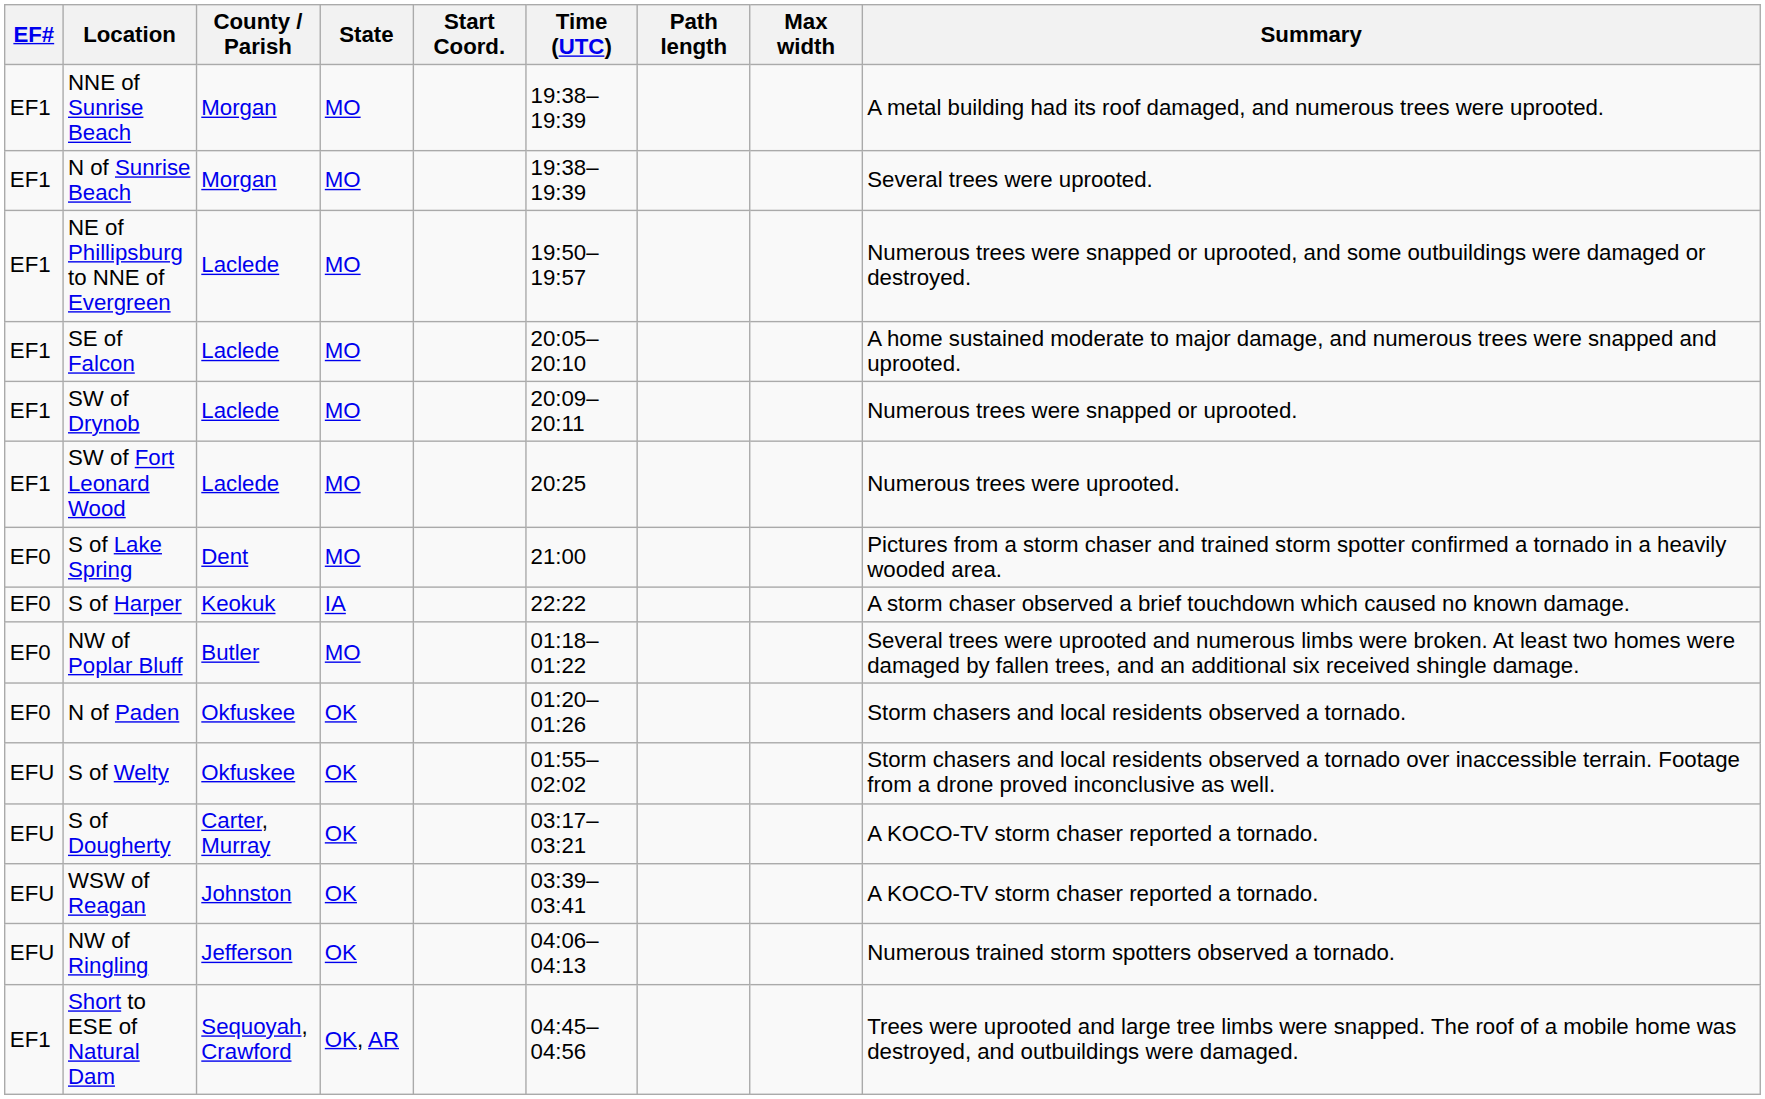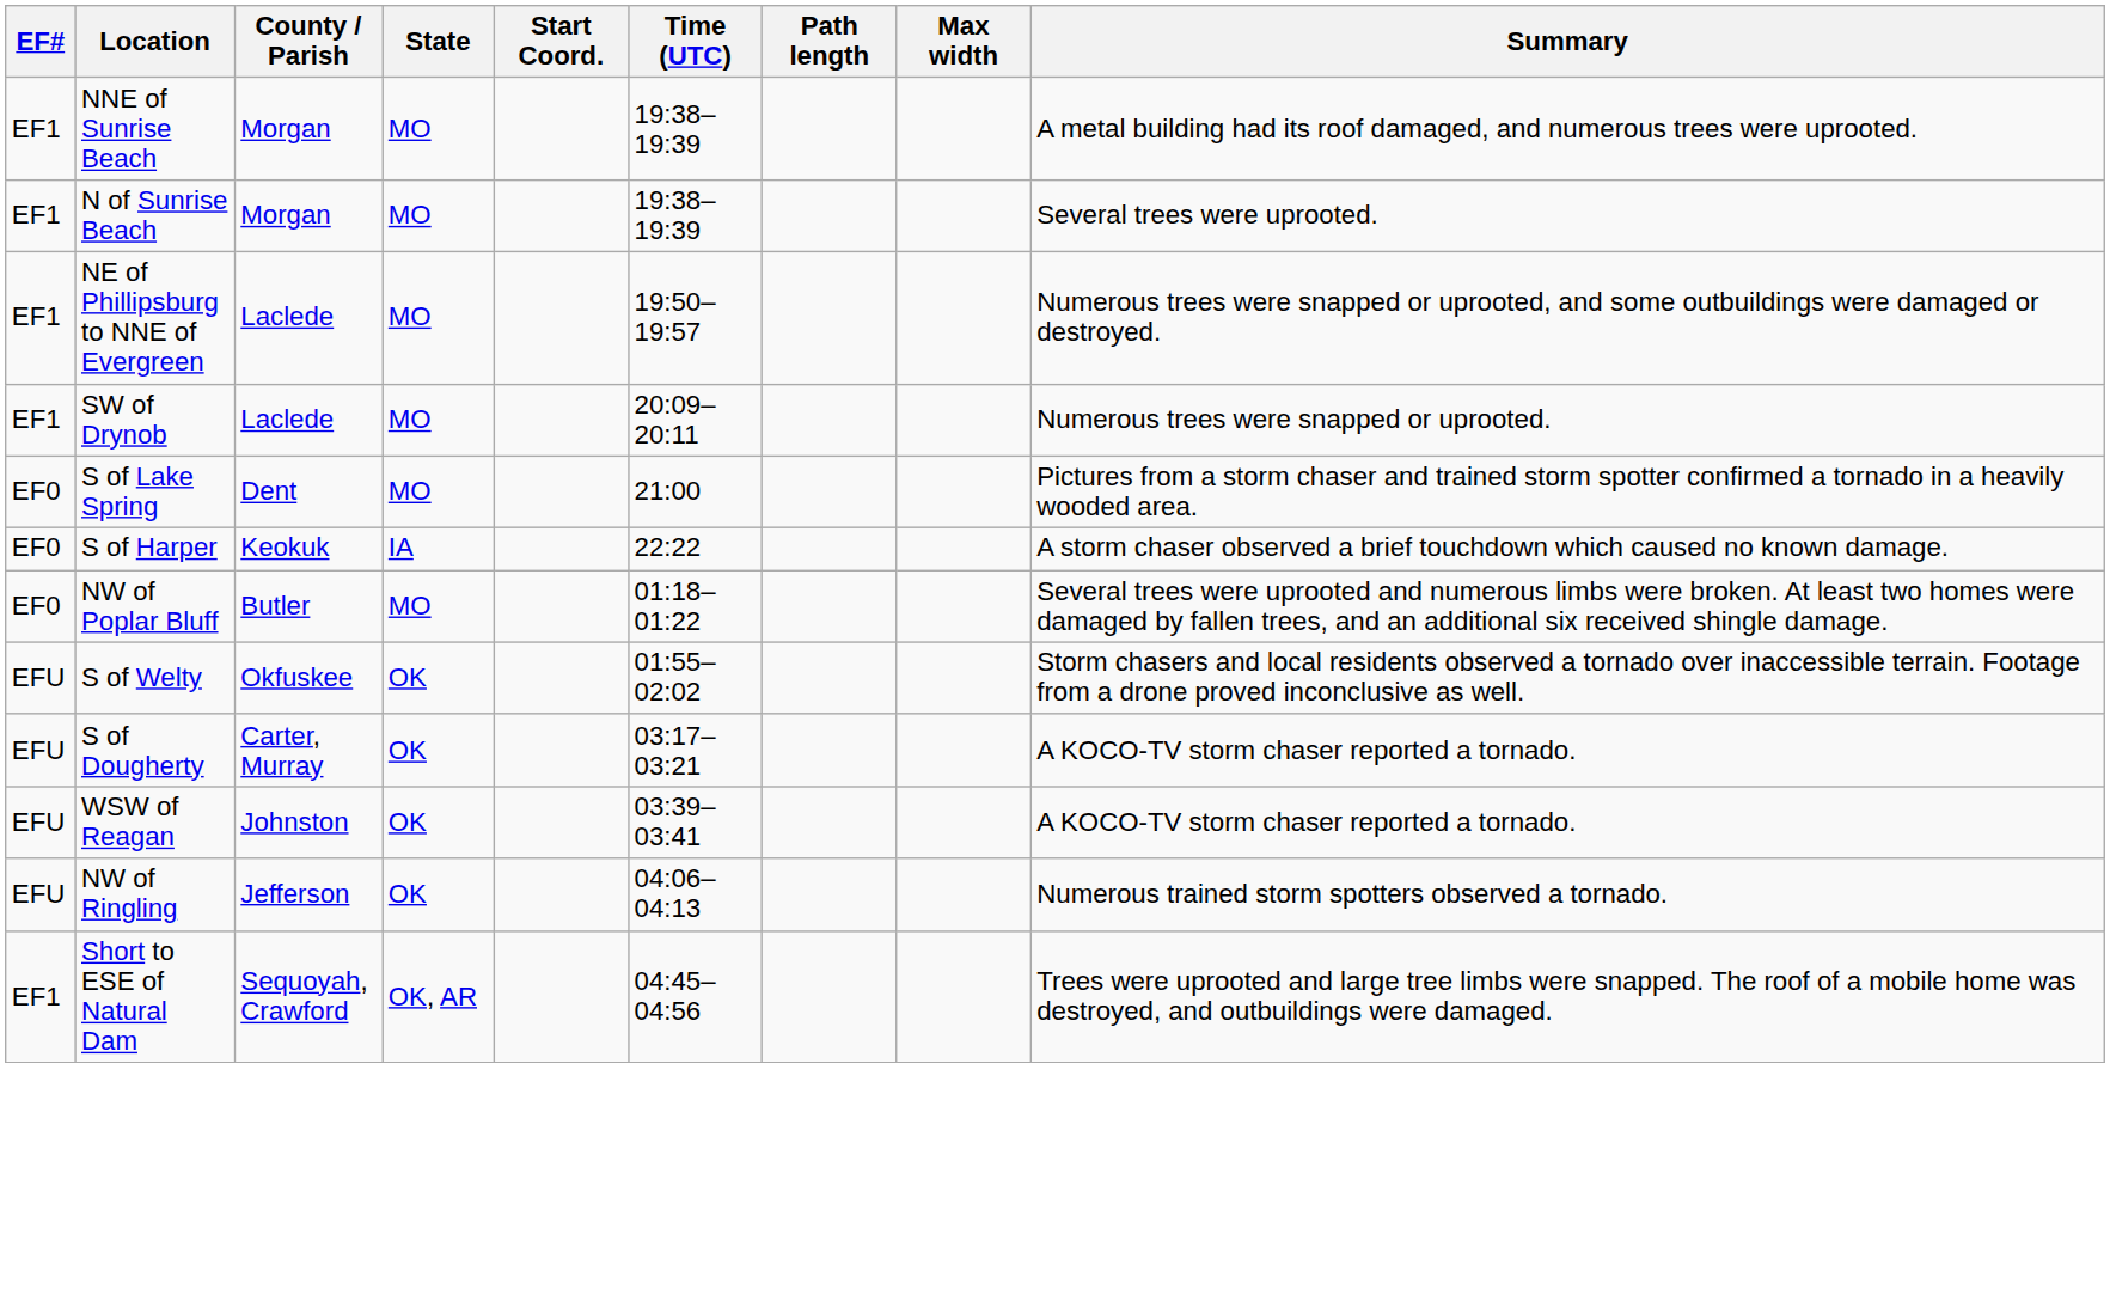 <table class="wikitable sortable" style="width:100%;">
 <tr>
 <th scope="col"  style="width:3%; text-align:center;"><a href='#'>EF#</a></th>
 <th scope="col"  style="width:7%; text-align:center;" class="unsortable">Location</th>
 <th scope="col"  style="width:6%; text-align:center;" class="unsortable">County / Parish</th>
 <th scope="col"  style="width:5%; text-align:center;">State</th>
 <th scope="col"  style="width:6%; text-align:center;">Start Coord.</th>
 <th scope="col"  style="width:6%; text-align:center;">Time (<a href='#'>UTC</a>)</th>
 <th scope="col"  style="width:6%; text-align:center;">Path length</th>
 <th scope="col"  style="width:6%; text-align:center;">Max width</th>
 <th scope="col" class="unsortable" style="width:48%; text-align:center;">Summary</th>
 </tr>
 <tr>
 <td>EF1</td>
 <td>NNE of <a href='#'>Sunrise Beach</a></td>
 <td><a href='#'>Morgan</a></td>
 <td><a href='#'>MO</a></td>
 <td></td>
 <td>19:38–19:39</td>
 <td></td>
 <td></td>
 <td>A metal building had its roof damaged, and numerous trees were uprooted.</td>
 </tr>
 <tr>
 <td>EF1</td>
 <td>N of <a href='#'>Sunrise Beach</a></td>
 <td><a href='#'>Morgan</a></td>
 <td><a href='#'>MO</a></td>
 <td></td>
 <td>19:38–19:39</td>
 <td></td>
 <td></td>
 <td>Several trees were uprooted.</td>
 </tr>
 <tr>
 <td>EF1</td>
 <td>NE of <a href='#'>Phillipsburg</a> to NNE of <a href='#'>Evergreen</a></td>
 <td><a href='#'>Laclede</a></td>
 <td><a href='#'>MO</a></td>
 <td></td>
 <td>19:50–19:57</td>
 <td></td>
 <td></td>
 <td>Numerous trees were snapped or uprooted, and some outbuildings were damaged or destroyed.</td>
 </tr>
 <tr>
 <td>EF1</td>
-<td>SE of <a href='#'>Falcon</a></td>
-<td><a href='#'>Laclede</a></td>
-<td><a href='#'>MO</a></td>
-<td></td>
-<td>20:05–20:10</td>
-<td></td>
-<td></td>
-<td>A home sustained moderate to major damage, and numerous trees were snapped and uprooted.</td>
-</tr>
-<tr>
-<td>EF1</td>
 <td>SW of <a href='#'>Drynob</a></td>
 <td><a href='#'>Laclede</a></td>
 <td><a href='#'>MO</a></td>
 <td></td>
 <td>20:09–20:11</td>
 <td></td>
 <td></td>
 <td>Numerous trees were snapped or uprooted.</td>
-</tr>
-<tr>
-<td>EF1</td>
-<td>SW of <a href='#'>Fort Leonard Wood</a></td>
-<td><a href='#'>Laclede</a></td>
-<td><a href='#'>MO</a></td>
-<td></td>
-<td>20:25</td>
-<td></td>
-<td></td>
-<td>Numerous trees were uprooted.</td>
 </tr>
 <tr>
 <td>EF0</td>
 <td>S of <a href='#'>Lake Spring</a></td>
 <td><a href='#'>Dent</a></td>
 <td><a href='#'>MO</a></td>
 <td></td>
 <td>21:00</td>
 <td></td>
 <td></td>
 <td>Pictures from a storm chaser and trained storm spotter confirmed a tornado in a heavily wooded area.</td>
 </tr>
 <tr>
 <td>EF0</td>
 <td>S of <a href='#'>Harper</a></td>
 <td><a href='#'>Keokuk</a></td>
 <td><a href='#'>IA</a></td>
 <td></td>
 <td>22:22</td>
 <td></td>
 <td></td>
 <td>A storm chaser observed a brief touchdown which caused no known damage.</td>
 </tr>
 <tr>
 <td>EF0</td>
 <td>NW of <a href='#'>Poplar Bluff</a></td>
 <td><a href='#'>Butler</a></td>
 <td><a href='#'>MO</a></td>
 <td></td>
 <td>01:18–01:22</td>
 <td></td>
 <td></td>
 <td>Several trees were uprooted and numerous limbs were broken. At least two homes were damaged by fallen trees, and an additional six received shingle damage.</td>
-</tr>
-<tr>
-<td>EF0</td>
-<td>N of <a href='#'>Paden</a></td>
-<td><a href='#'>Okfuskee</a></td>
-<td><a href='#'>OK</a></td>
-<td></td>
-<td>01:20–01:26</td>
-<td></td>
-<td></td>
-<td>Storm chasers and local residents observed a tornado.</td>
 </tr>
 <tr>
 <td>EFU</td>
 <td>S of <a href='#'>Welty</a></td>
 <td><a href='#'>Okfuskee</a></td>
 <td><a href='#'>OK</a></td>
 <td></td>
 <td>01:55–02:02</td>
 <td></td>
 <td></td>
 <td>Storm chasers and local residents observed a tornado over inaccessible terrain. Footage from a drone proved inconclusive as well.</td>
 </tr>
 <tr>
 <td>EFU</td>
 <td>S of <a href='#'>Dougherty</a></td>
 <td><a href='#'>Carter</a>, <a href='#'>Murray</a></td>
 <td><a href='#'>OK</a></td>
 <td></td>
 <td>03:17–03:21</td>
 <td></td>
 <td></td>
 <td>A KOCO-TV storm chaser reported a tornado.</td>
 </tr>
 <tr>
 <td>EFU</td>
 <td>WSW of <a href='#'>Reagan</a></td>
 <td><a href='#'>Johnston</a></td>
 <td><a href='#'>OK</a></td>
 <td></td>
 <td>03:39–03:41</td>
 <td></td>
 <td></td>
 <td>A KOCO-TV storm chaser reported a tornado.</td>
 </tr>
 <tr>
 <td>EFU</td>
 <td>NW of <a href='#'>Ringling</a></td>
 <td><a href='#'>Jefferson</a></td>
 <td><a href='#'>OK</a></td>
 <td></td>
 <td>04:06–04:13</td>
 <td></td>
 <td></td>
 <td>Numerous trained storm spotters observed a tornado.</td>
 </tr>
 <tr>
 <td>EF1</td>
 <td><a href='#'>Short</a> to ESE of <a href='#'>Natural Dam</a></td>
 <td><a href='#'>Sequoyah</a>, <a href='#'>Crawford</a></td>
 <td><a href='#'>OK</a>, <a href='#'>AR</a></td>
 <td></td>
 <td>04:45–04:56</td>
 <td></td>
 <td></td>
 <td>Trees were uprooted and large tree limbs were snapped. The roof of a mobile home was destroyed, and outbuildings were damaged.</td>
 </tr>
 <tr>
 </tr>
 </table>
